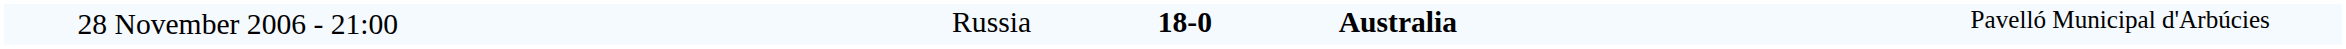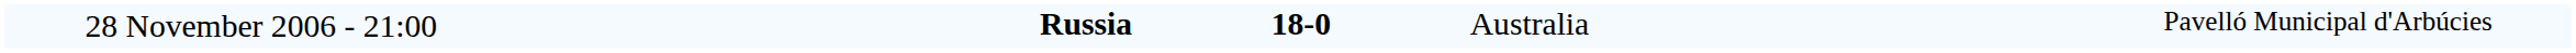 <table style="width: 100%; background:#F5FAFF;" cellspacing="0">
 <tr>
 <td align=center rowspan=3 width=20%>28 November 2006 - 21:00</td>
 </tr>
 <tr>
-<td width=24% align=right>Russia </td>
+<td width=24% align=right><strong>Russia </strong></td>
 <td align=center width=13%><strong>18-0</strong></td>
-<td width=24%><strong> Australia</strong></td>
+<td width=24%> Australia</td>
 <td style=font-size:85% rowspan=3 valign=top align=center>Pavelló Municipal d'Arbúcies</td>
 </tr>
 <tr style=font-size:85%>
 <td align=right valign=top></td>
 <td></td>
 <td></td>
 </tr>
 </table>
